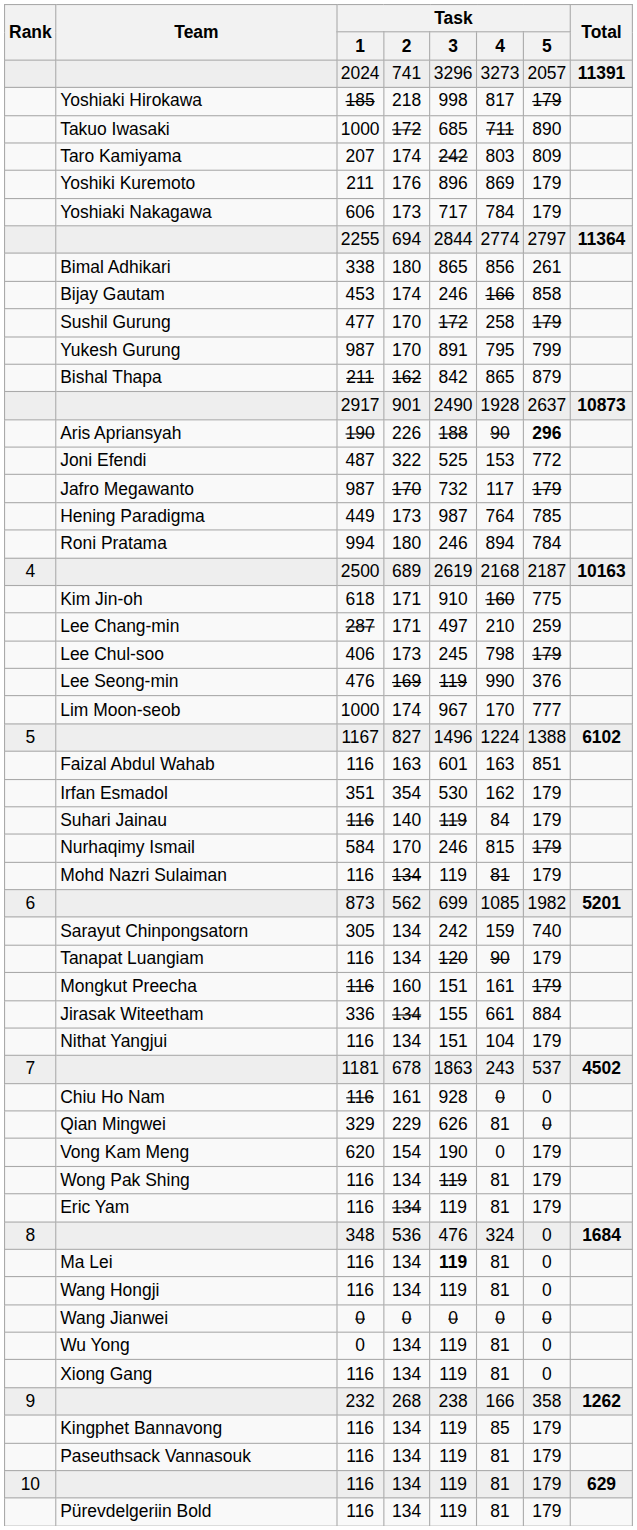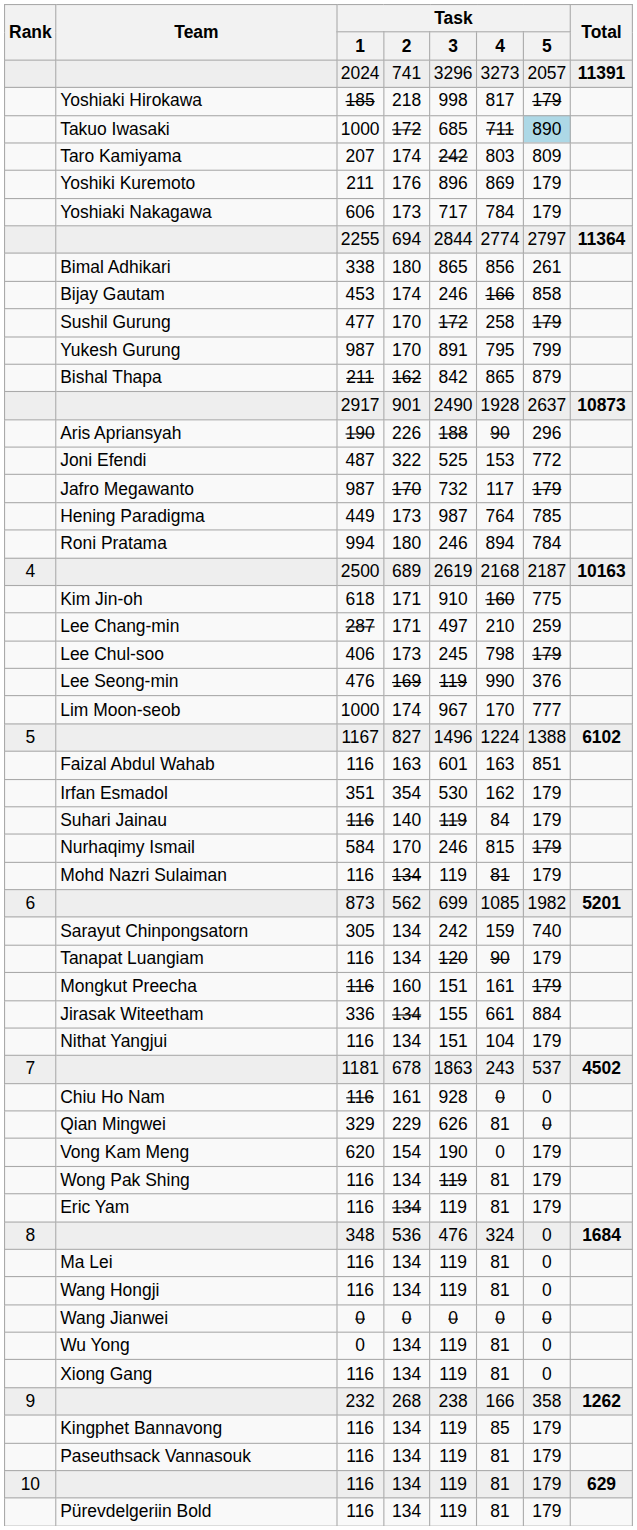 <table class=wikitable style="text-align:center">
 <tr>
 <th rowspan="2" width=40>Rank</th>
 <th rowspan="2" width=250>Team</th>
 <th colspan="5">Task</th>
 <th rowspan="2" width=50>Total</th>
 </tr>
 <tr>
 <th width=35>1</th>
 <th width=35>2</th>
 <th width=35>3</th>
 <th width=35>4</th>
 <th width=35>5</th>
 </tr>
 <tr style="background:#eeeeee;">
 <td></td>
 <td align=left></td>
 <td>2024</td>
 <td>741</td>
 <td>3296</td>
 <td>3273</td>
 <td>2057</td>
 <td><strong>11391</strong></td>
 </tr>
 <tr>
 <td></td>
 <td align=left>Yoshiaki Hirokawa</td>
 <td><s>185</s></td>
 <td>218</td>
 <td>998</td>
 <td>817</td>
 <td><s>179</s></td>
 <td></td>
 </tr>
 <tr>
 <td></td>
 <td align=left>Takuo Iwasaki</td>
 <td>1000</td>
 <td><s>172</s></td>
 <td>685</td>
 <td><s>711</s></td>
-<td>890</td>
+<td style="background: lightblue;">890</td>
 <td></td>
 </tr>
 <tr>
 <td></td>
 <td align=left>Taro Kamiyama</td>
 <td>207</td>
 <td>174</td>
 <td><s>242</s></td>
 <td>803</td>
 <td>809</td>
 <td></td>
 </tr>
 <tr>
 <td></td>
 <td align=left>Yoshiki Kuremoto</td>
 <td>211</td>
 <td>176</td>
 <td>896</td>
 <td>869</td>
 <td>179</td>
 <td></td>
 </tr>
 <tr>
 <td></td>
 <td align=left>Yoshiaki Nakagawa</td>
 <td>606</td>
 <td>173</td>
 <td>717</td>
 <td>784</td>
 <td>179</td>
 <td></td>
 </tr>
 <tr style="background:#eeeeee;">
 <td></td>
 <td align=left></td>
 <td>2255</td>
 <td>694</td>
 <td>2844</td>
 <td>2774</td>
 <td>2797</td>
 <td><strong>11364</strong></td>
 </tr>
 <tr>
 <td></td>
 <td align=left>Bimal Adhikari</td>
 <td>338</td>
 <td>180</td>
 <td>865</td>
 <td>856</td>
 <td>261</td>
 <td></td>
 </tr>
 <tr>
 <td></td>
 <td align=left>Bijay Gautam</td>
 <td>453</td>
 <td>174</td>
 <td>246</td>
 <td><s>166</s></td>
 <td>858</td>
 <td></td>
 </tr>
 <tr>
 <td></td>
 <td align=left>Sushil Gurung</td>
 <td>477</td>
 <td>170</td>
 <td><s>172</s></td>
 <td>258</td>
 <td><s>179</s></td>
 <td></td>
 </tr>
 <tr>
 <td></td>
 <td align=left>Yukesh Gurung</td>
 <td>987</td>
 <td>170</td>
 <td>891</td>
 <td>795</td>
 <td>799</td>
 <td></td>
 </tr>
 <tr>
 <td></td>
 <td align=left>Bishal Thapa</td>
 <td><s>211</s></td>
 <td><s>162</s></td>
 <td>842</td>
 <td>865</td>
 <td>879</td>
 <td></td>
 </tr>
 <tr style="background:#eeeeee;">
 <td></td>
 <td align=left></td>
 <td>2917</td>
 <td>901</td>
 <td>2490</td>
 <td>1928</td>
 <td>2637</td>
 <td><strong>10873</strong></td>
 </tr>
 <tr>
 <td></td>
 <td align=left>Aris Apriansyah</td>
 <td><s>190</s></td>
 <td>226</td>
 <td><s>188</s></td>
 <td><s>90</s></td>
-<td><strong>296</strong></td>
+<td>296</td>
 <td></td>
 </tr>
 <tr>
 <td></td>
 <td align=left>Joni Efendi</td>
 <td>487</td>
 <td>322</td>
 <td>525</td>
 <td>153</td>
 <td>772</td>
 <td></td>
 </tr>
 <tr>
 <td></td>
 <td align=left>Jafro Megawanto</td>
 <td>987</td>
 <td><s>170</s></td>
 <td>732</td>
 <td>117</td>
 <td><s>179</s></td>
 <td></td>
 </tr>
 <tr>
 <td></td>
 <td align=left>Hening Paradigma</td>
 <td>449</td>
 <td>173</td>
 <td>987</td>
 <td>764</td>
 <td>785</td>
 <td></td>
 </tr>
 <tr>
 <td></td>
 <td align=left>Roni Pratama</td>
 <td>994</td>
 <td>180</td>
 <td>246</td>
 <td>894</td>
 <td>784</td>
 <td></td>
 </tr>
 <tr style="background:#eeeeee;">
 <td>4</td>
 <td align=left></td>
 <td>2500</td>
 <td>689</td>
 <td>2619</td>
 <td>2168</td>
 <td>2187</td>
 <td><strong>10163</strong></td>
 </tr>
 <tr>
 <td></td>
 <td align=left>Kim Jin-oh</td>
 <td>618</td>
 <td>171</td>
 <td>910</td>
 <td><s>160</s></td>
 <td>775</td>
 <td></td>
 </tr>
 <tr>
 <td></td>
 <td align=left>Lee Chang-min</td>
 <td><s>287</s></td>
 <td>171</td>
 <td>497</td>
 <td>210</td>
 <td>259</td>
 <td></td>
 </tr>
 <tr>
 <td></td>
 <td align=left>Lee Chul-soo</td>
 <td>406</td>
 <td>173</td>
 <td>245</td>
 <td>798</td>
 <td><s>179</s></td>
 <td></td>
 </tr>
 <tr>
 <td></td>
 <td align=left>Lee Seong-min</td>
 <td>476</td>
 <td><s>169</s></td>
 <td><s>119</s></td>
 <td>990</td>
 <td>376</td>
 <td></td>
 </tr>
 <tr>
 <td></td>
 <td align=left>Lim Moon-seob</td>
 <td>1000</td>
 <td>174</td>
 <td>967</td>
 <td>170</td>
 <td>777</td>
 <td></td>
 </tr>
 <tr style="background:#eeeeee;">
 <td>5</td>
 <td align=left></td>
 <td>1167</td>
 <td>827</td>
 <td>1496</td>
 <td>1224</td>
 <td>1388</td>
 <td><strong>6102</strong></td>
 </tr>
 <tr>
 <td></td>
 <td align=left>Faizal Abdul Wahab</td>
 <td>116</td>
 <td>163</td>
 <td>601</td>
 <td>163</td>
 <td>851</td>
 <td></td>
 </tr>
 <tr>
 <td></td>
 <td align=left>Irfan Esmadol</td>
 <td>351</td>
 <td>354</td>
 <td>530</td>
 <td>162</td>
 <td>179</td>
 <td></td>
 </tr>
 <tr>
 <td></td>
 <td align=left>Suhari Jainau</td>
 <td><s>116</s></td>
 <td>140</td>
 <td><s>119</s></td>
 <td>84</td>
 <td>179</td>
 <td></td>
 </tr>
 <tr>
 <td></td>
 <td align=left>Nurhaqimy Ismail</td>
 <td>584</td>
 <td>170</td>
 <td>246</td>
 <td>815</td>
 <td><s>179</s></td>
 <td></td>
 </tr>
 <tr>
 <td></td>
 <td align=left>Mohd Nazri Sulaiman</td>
 <td>116</td>
 <td><s>134</s></td>
 <td>119</td>
 <td><s>81</s></td>
 <td>179</td>
 <td></td>
 </tr>
 <tr style="background:#eeeeee;">
 <td>6</td>
 <td align=left></td>
 <td>873</td>
 <td>562</td>
 <td>699</td>
 <td>1085</td>
 <td>1982</td>
 <td><strong>5201</strong></td>
 </tr>
 <tr>
 <td></td>
 <td align=left>Sarayut Chinpongsatorn</td>
 <td>305</td>
 <td>134</td>
 <td>242</td>
 <td>159</td>
 <td>740</td>
 <td></td>
 </tr>
 <tr>
 <td></td>
 <td align=left>Tanapat Luangiam</td>
 <td>116</td>
 <td>134</td>
 <td><s>120</s></td>
 <td><s>90</s></td>
 <td>179</td>
 <td></td>
 </tr>
 <tr>
 <td></td>
 <td align=left>Mongkut Preecha</td>
 <td><s>116</s></td>
 <td>160</td>
 <td>151</td>
 <td>161</td>
 <td><s>179</s></td>
 <td></td>
 </tr>
 <tr>
 <td></td>
 <td align=left>Jirasak Witeetham</td>
 <td>336</td>
 <td><s>134</s></td>
 <td>155</td>
 <td>661</td>
 <td>884</td>
 <td></td>
 </tr>
 <tr>
 <td></td>
 <td align=left>Nithat Yangjui</td>
 <td>116</td>
 <td>134</td>
 <td>151</td>
 <td>104</td>
 <td>179</td>
 <td></td>
 </tr>
 <tr style="background:#eeeeee;">
 <td>7</td>
 <td align=left></td>
 <td>1181</td>
 <td>678</td>
 <td>1863</td>
 <td>243</td>
 <td>537</td>
 <td><strong>4502</strong></td>
 </tr>
 <tr>
 <td></td>
 <td align=left>Chiu Ho Nam</td>
 <td><s>116</s></td>
 <td>161</td>
 <td>928</td>
 <td><s>0</s></td>
 <td>0</td>
 <td></td>
 </tr>
 <tr>
 <td></td>
 <td align=left>Qian Mingwei</td>
 <td>329</td>
 <td>229</td>
 <td>626</td>
 <td>81</td>
 <td><s>0</s></td>
 <td></td>
 </tr>
 <tr>
 <td></td>
 <td align=left>Vong Kam Meng</td>
 <td>620</td>
 <td>154</td>
 <td>190</td>
 <td>0</td>
 <td>179</td>
 <td></td>
 </tr>
 <tr>
 <td></td>
 <td align=left>Wong Pak Shing</td>
 <td>116</td>
 <td>134</td>
 <td><s>119</s></td>
 <td>81</td>
 <td>179</td>
 <td></td>
 </tr>
 <tr>
 <td></td>
 <td align=left>Eric Yam</td>
 <td>116</td>
 <td><s>134</s></td>
 <td>119</td>
 <td>81</td>
 <td>179</td>
 <td></td>
 </tr>
 <tr style="background:#eeeeee;">
 <td>8</td>
 <td align=left></td>
 <td>348</td>
 <td>536</td>
 <td>476</td>
 <td>324</td>
 <td>0</td>
 <td><strong>1684</strong></td>
 </tr>
 <tr>
 <td></td>
 <td align=left>Ma Lei</td>
 <td>116</td>
 <td>134</td>
-<td><strong>119</strong></td>
+<td>119</td>
 <td>81</td>
 <td>0</td>
 <td></td>
 </tr>
 <tr>
 <td></td>
 <td align=left>Wang Hongji</td>
 <td>116</td>
 <td>134</td>
 <td>119</td>
 <td>81</td>
 <td>0</td>
 <td></td>
 </tr>
 <tr>
 <td></td>
 <td align=left>Wang Jianwei</td>
 <td><s>0</s></td>
 <td><s>0</s></td>
 <td><s>0</s></td>
 <td><s>0</s></td>
 <td><s>0</s></td>
 <td></td>
 </tr>
 <tr>
 <td></td>
 <td align=left>Wu Yong</td>
 <td>0</td>
 <td>134</td>
 <td>119</td>
 <td>81</td>
 <td>0</td>
 <td></td>
 </tr>
 <tr>
 <td></td>
 <td align=left>Xiong Gang</td>
 <td>116</td>
 <td>134</td>
 <td>119</td>
 <td>81</td>
 <td>0</td>
 <td></td>
 </tr>
 <tr style="background:#eeeeee;">
 <td>9</td>
 <td align=left></td>
 <td>232</td>
 <td>268</td>
 <td>238</td>
 <td>166</td>
 <td>358</td>
 <td><strong>1262</strong></td>
 </tr>
 <tr>
 <td></td>
 <td align=left>Kingphet Bannavong</td>
 <td>116</td>
 <td>134</td>
 <td>119</td>
 <td>85</td>
 <td>179</td>
 <td></td>
 </tr>
 <tr>
 <td></td>
 <td align=left>Paseuthsack Vannasouk</td>
 <td>116</td>
 <td>134</td>
 <td>119</td>
 <td>81</td>
 <td>179</td>
 <td></td>
 </tr>
 <tr style="background:#eeeeee;">
 <td>10</td>
 <td align=left></td>
 <td>116</td>
 <td>134</td>
 <td>119</td>
 <td>81</td>
 <td>179</td>
 <td><strong>629</strong></td>
 </tr>
 <tr>
 <td></td>
 <td align=left>Pürevdelgeriin Bold</td>
 <td>116</td>
 <td>134</td>
 <td>119</td>
 <td>81</td>
 <td>179</td>
 <td></td>
 </tr>
 </table>
